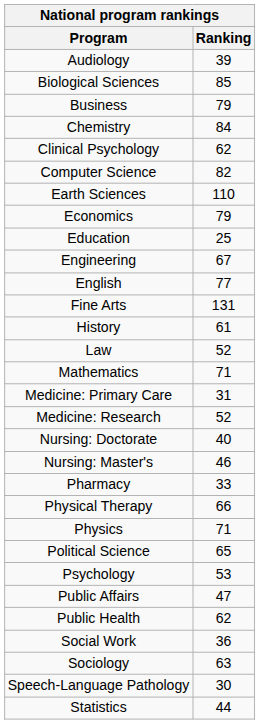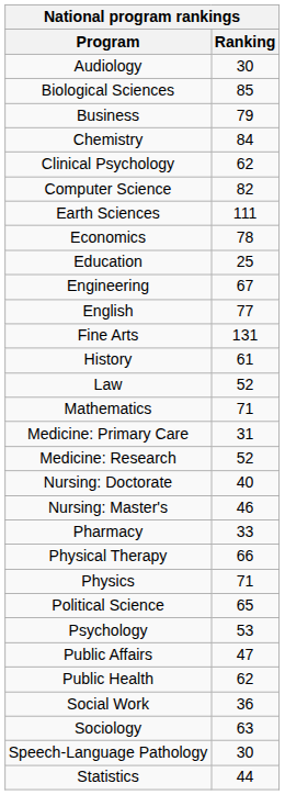 <table class="wikitable sortable collapsible collapsed" style="float:right; text-align:center">
 <tr>
 <th colspan=4>National program rankings</th>
 </tr>
 <tr>
 <th>Program</th>
 <th>Ranking</th>
 </tr>
 <tr>
 <td>Audiology</td>
-<td>39</td>
+<td>30</td>
 </tr>
 <tr>
 <td>Biological Sciences</td>
 <td>85</td>
 </tr>
 <tr>
 <td>Business</td>
 <td>79</td>
 </tr>
 <tr>
 <td>Chemistry</td>
 <td>84</td>
 </tr>
 <tr>
 <td>Clinical Psychology</td>
 <td>62</td>
 </tr>
 <tr>
 <td>Computer Science</td>
 <td>82</td>
 </tr>
 <tr>
 <td>Earth Sciences</td>
-<td>110</td>
+<td>111</td>
 </tr>
 <tr>
 <td>Economics</td>
-<td>79</td>
+<td>78</td>
 </tr>
 <tr>
 <td>Education</td>
 <td>25</td>
 </tr>
 <tr>
 <td>Engineering</td>
 <td>67</td>
 </tr>
 <tr>
 <td>English</td>
 <td>77</td>
 </tr>
 <tr>
 <td>Fine Arts</td>
 <td>131</td>
 </tr>
 <tr>
 <td>History</td>
 <td>61</td>
 </tr>
 <tr>
 <td>Law</td>
 <td>52</td>
 </tr>
 <tr>
 <td>Mathematics</td>
 <td>71</td>
 </tr>
 <tr>
 <td>Medicine: Primary Care</td>
 <td>31</td>
 </tr>
 <tr>
 <td>Medicine: Research</td>
 <td>52</td>
 </tr>
 <tr>
 <td>Nursing: Doctorate</td>
 <td>40</td>
 </tr>
 <tr>
 <td>Nursing: Master's</td>
 <td>46</td>
 </tr>
 <tr>
 <td>Pharmacy</td>
 <td>33</td>
 </tr>
 <tr>
 <td>Physical Therapy</td>
 <td>66</td>
 </tr>
 <tr>
 <td>Physics</td>
 <td>71</td>
 </tr>
 <tr>
 <td>Political Science</td>
 <td>65</td>
 </tr>
 <tr>
 <td>Psychology</td>
 <td>53</td>
 </tr>
 <tr>
 <td>Public Affairs</td>
 <td>47</td>
 </tr>
 <tr>
 <td>Public Health</td>
 <td>62</td>
 </tr>
 <tr>
 <td>Social Work</td>
 <td>36</td>
 </tr>
 <tr>
 <td>Sociology</td>
 <td>63</td>
 </tr>
 <tr>
 <td>Speech-Language Pathology</td>
 <td>30</td>
 </tr>
 <tr>
 <td>Statistics</td>
 <td>44</td>
 </tr>
 </table>
